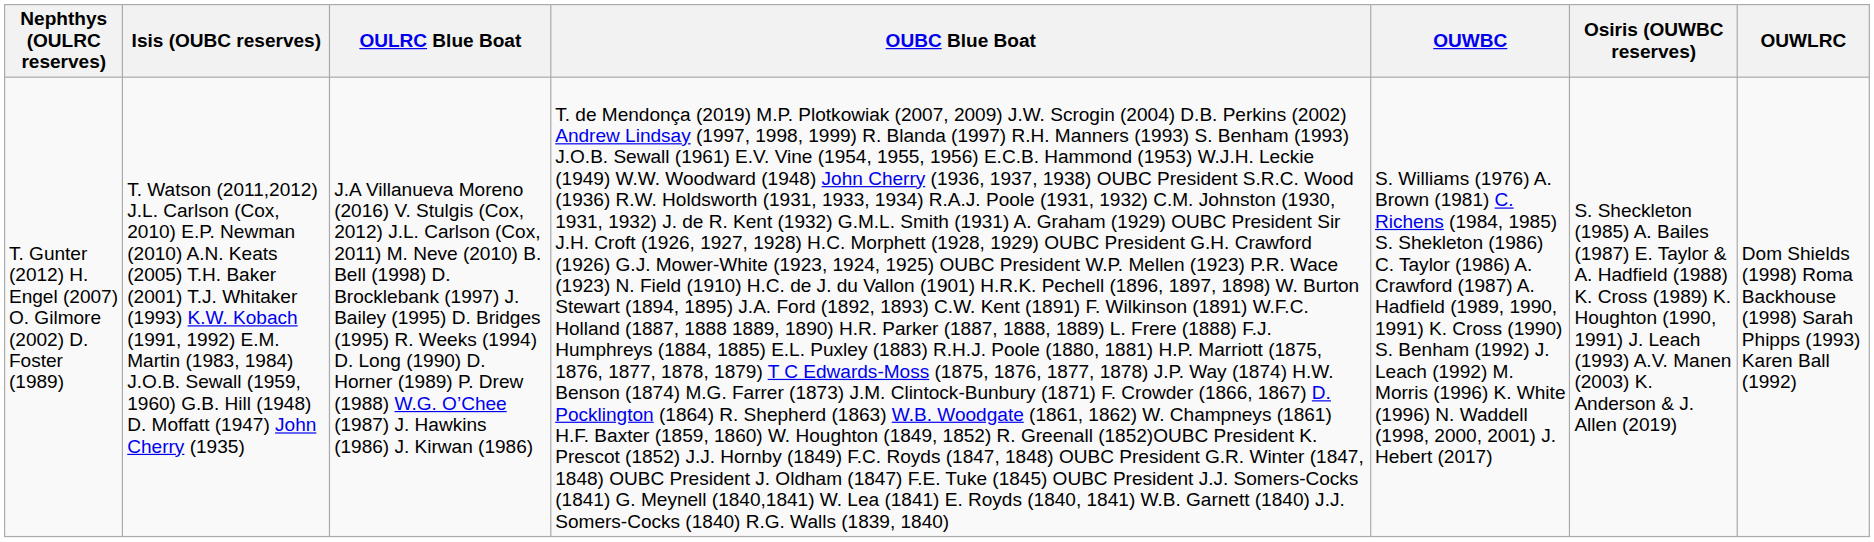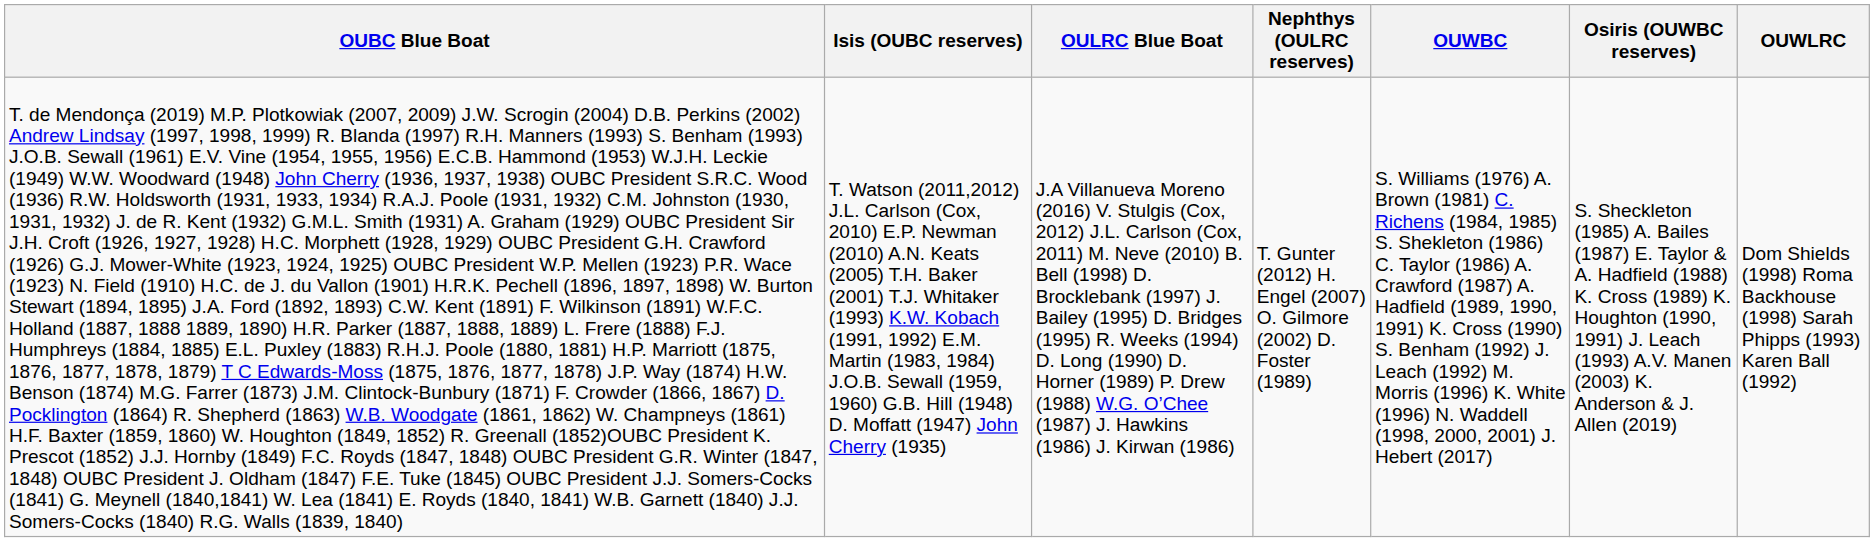 <table class="wikitable collapsible" style="vertical-align:top">
 <tr>
-<th>Nephthys (OULRC reserves)</th>
+<th><a href='#'>OUBC</a> Blue Boat</th>
 <th>Isis (OUBC reserves)</th>
 <th><a href='#'>OULRC</a> Blue Boat</th>
-<th><a href='#'>OUBC</a> Blue Boat</th>
+<th>Nephthys (OULRC reserves)</th>
 <th><a href='#'>OUWBC</a></th>
 <th>Osiris (OUWBC reserves)</th>
 <th>OUWLRC</th>
 </tr>
 <tr>
-<td><br>T. Gunter (2012) H. Engel (2007) O. Gilmore (2002) D. Foster (1989)</td>
+<td><br>T. de Mendonça (2019) M.P. Plotkowiak (2007, 2009) J.W. Scrogin (2004) D.B. Perkins (2002) <a href='#'>Andrew Lindsay</a> (1997, 1998, 1999) R. Blanda (1997) R.H. Manners (1993) S. Benham (1993) J.O.B. Sewall (1961) E.V. Vine (1954, 1955, 1956) E.C.B. Hammond (1953) W.J.H. Leckie (1949) W.W. Woodward (1948) <a href='#'>John Cherry</a> (1936, 1937, 1938) OUBC President S.R.C. Wood (1936) R.W. Holdsworth (1931, 1933, 1934) R.A.J. Poole (1931, 1932) C.M. Johnston (1930, 1931, 1932) J. de R. Kent (1932) G.M.L. Smith (1931) A. Graham (1929) OUBC President Sir J.H. Croft (1926, 1927, 1928) H.C. Morphett (1928, 1929) OUBC President G.H. Crawford (1926) G.J. Mower-White (1923, 1924, 1925) OUBC President W.P. Mellen (1923) P.R. Wace (1923) N. Field (1910) H.C. de J. du Vallon (1901) H.R.K. Pechell (1896, 1897, 1898) W. Burton Stewart (1894, 1895) J.A. Ford (1892, 1893) C.W. Kent (1891) F. Wilkinson (1891) W.F.C. Holland (1887, 1888 1889, 1890) H.R. Parker (1887, 1888, 1889) L. Frere (1888) F.J. Humphreys (1884, 1885) E.L. Puxley (1883) R.H.J. Poole (1880, 1881) H.P. Marriott (1875, 1876, 1877, 1878, 1879) <a href='#'>T C Edwards-Moss</a> (1875, 1876, 1877, 1878) J.P. Way (1874) H.W. Benson (1874) M.G. Farrer (1873) J.M. Clintock-Bunbury (1871) F. Crowder (1866, 1867) <a href='#'>D. Pocklington</a> (1864) R. Shepherd (1863) <a href='#'>W.B. Woodgate</a> (1861, 1862) W. Champneys (1861) H.F. Baxter (1859, 1860) W. Houghton (1849, 1852) R. Greenall (1852)OUBC President K. Prescot (1852) J.J. Hornby (1849) F.C. Royds (1847, 1848) OUBC President G.R. Winter (1847, 1848) OUBC President J. Oldham (1847) F.E. Tuke (1845) OUBC President J.J. Somers-Cocks (1841) G. Meynell (1840,1841) W. Lea (1841) E. Royds (1840, 1841) W.B. Garnett (1840) J.J. Somers-Cocks (1840) R.G. Walls (1839, 1840)</td>
 <td><br>T. Watson (2011,2012) J.L. Carlson (Cox, 2010) E.P. Newman (2010) A.N. Keats (2005) T.H. Baker (2001) T.J. Whitaker (1993) <a href='#'>K.W. Kobach</a> (1991, 1992) E.M. Martin (1983, 1984) J.O.B. Sewall (1959, 1960) G.B. Hill (1948) D. Moffatt (1947) <a href='#'>John Cherry</a> (1935)</td>
 <td><br>J.A Villanueva Moreno (2016) V. Stulgis (Cox, 2012) J.L. Carlson (Cox, 2011) M. Neve (2010) B. Bell (1998) D. Brocklebank (1997) J. Bailey (1995) D. Bridges (1995) R. Weeks (1994) D. Long (1990) D. Horner (1989) P. Drew (1988) <a href='#'>W.G. O’Chee</a> (1987) J. Hawkins (1986) J. Kirwan (1986)</td>
-<td><br>T. de Mendonça (2019) M.P. Plotkowiak (2007, 2009) J.W. Scrogin (2004) D.B. Perkins (2002) <a href='#'>Andrew Lindsay</a> (1997, 1998, 1999) R. Blanda (1997) R.H. Manners (1993) S. Benham (1993) J.O.B. Sewall (1961) E.V. Vine (1954, 1955, 1956) E.C.B. Hammond (1953) W.J.H. Leckie (1949) W.W. Woodward (1948) <a href='#'>John Cherry</a> (1936, 1937, 1938) OUBC President S.R.C. Wood (1936) R.W. Holdsworth (1931, 1933, 1934) R.A.J. Poole (1931, 1932) C.M. Johnston (1930, 1931, 1932) J. de R. Kent (1932) G.M.L. Smith (1931) A. Graham (1929) OUBC President Sir J.H. Croft (1926, 1927, 1928) H.C. Morphett (1928, 1929) OUBC President G.H. Crawford (1926) G.J. Mower-White (1923, 1924, 1925) OUBC President W.P. Mellen (1923) P.R. Wace (1923) N. Field (1910) H.C. de J. du Vallon (1901) H.R.K. Pechell (1896, 1897, 1898) W. Burton Stewart (1894, 1895) J.A. Ford (1892, 1893) C.W. Kent (1891) F. Wilkinson (1891) W.F.C. Holland (1887, 1888 1889, 1890) H.R. Parker (1887, 1888, 1889) L. Frere (1888) F.J. Humphreys (1884, 1885) E.L. Puxley (1883) R.H.J. Poole (1880, 1881) H.P. Marriott (1875, 1876, 1877, 1878, 1879) <a href='#'>T C Edwards-Moss</a> (1875, 1876, 1877, 1878) J.P. Way (1874) H.W. Benson (1874) M.G. Farrer (1873) J.M. Clintock-Bunbury (1871) F. Crowder (1866, 1867) <a href='#'>D. Pocklington</a> (1864) R. Shepherd (1863) <a href='#'>W.B. Woodgate</a> (1861, 1862) W. Champneys (1861) H.F. Baxter (1859, 1860) W. Houghton (1849, 1852) R. Greenall (1852)OUBC President K. Prescot (1852) J.J. Hornby (1849) F.C. Royds (1847, 1848) OUBC President G.R. Winter (1847, 1848) OUBC President J. Oldham (1847) F.E. Tuke (1845) OUBC President J.J. Somers-Cocks (1841) G. Meynell (1840,1841) W. Lea (1841) E. Royds (1840, 1841) W.B. Garnett (1840) J.J. Somers-Cocks (1840) R.G. Walls (1839, 1840)</td>
+<td><br>T. Gunter (2012) H. Engel (2007) O. Gilmore (2002) D. Foster (1989)</td>
 <td><br>S. Williams (1976) A. Brown (1981) <a href='#'>C. Richens</a> (1984, 1985) S. Shekleton (1986) C. Taylor (1986) A. Crawford (1987) A. Hadfield (1989, 1990, 1991) K. Cross (1990) S. Benham (1992) J. Leach (1992) M. Morris (1996) K. White (1996) N. Waddell (1998, 2000, 2001) J. Hebert (2017)</td>
 <td><br>S. Sheckleton (1985) A. Bailes (1987)  E. Taylor & A. Hadfield (1988)  K. Cross (1989)  K. Houghton (1990, 1991) J. Leach (1993)  A.V. Manen (2003)  K. Anderson & J. Allen (2019)</td>
 <td><br>Dom Shields (1998) Roma Backhouse (1998) Sarah Phipps (1993) Karen Ball (1992)</td>
 </tr>
 </table>
